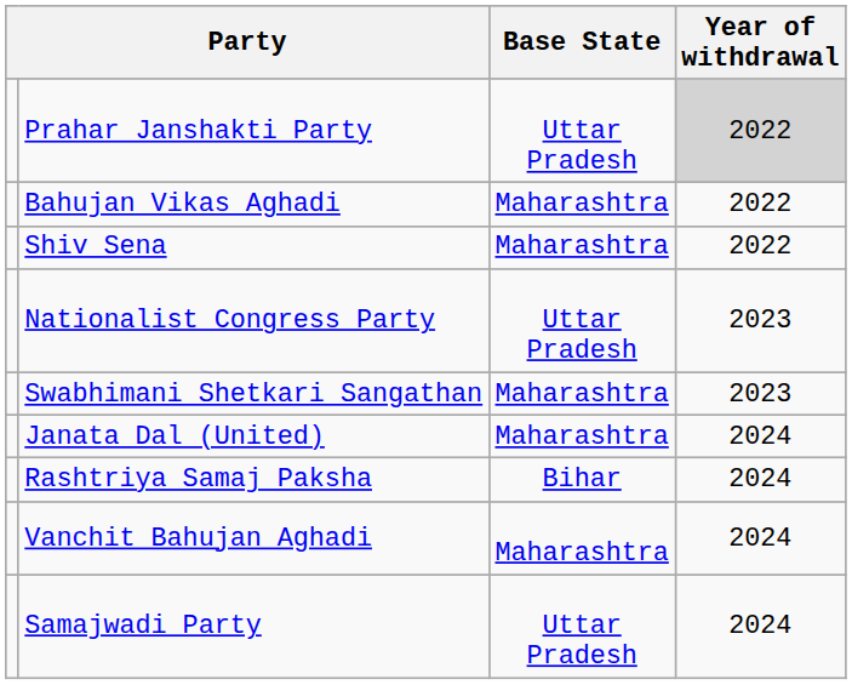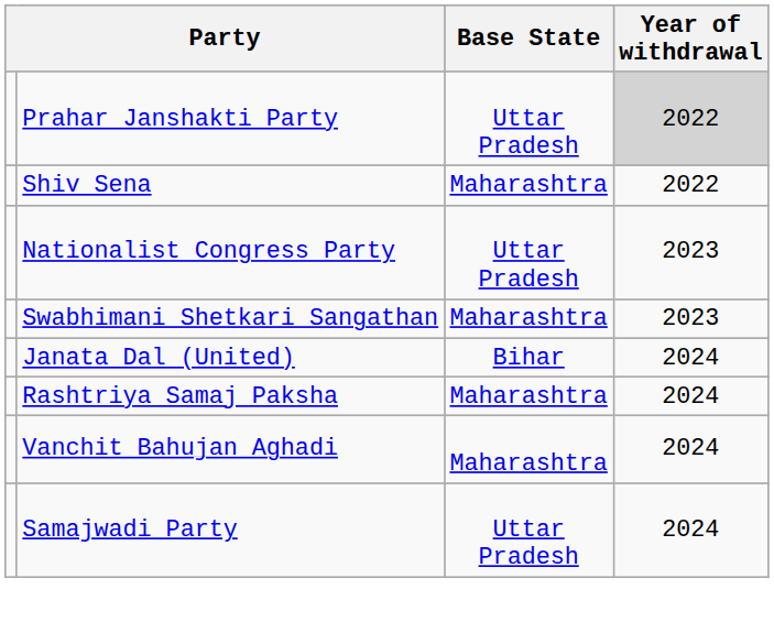 <table class="wikitable sortable">
 <tr>
 <th colspan="2" style="width:30px;">Party</th>
 <th style="width:80px;">Base State</th>
 <th style="width:60px;">Year of withdrawal</th>
 </tr>
 <tr>
 <td style="background-color:"></td>
 <td><a href='#'>Prahar Janshakti Party</a></td>
 <td style="text-align: center;"><br><a href='#'>Uttar Pradesh</a></td>
 <td style="background: lightgrey; text-align: center;">2022</td>
-</tr>
-<tr>
-<td style="background-color:"></td>
-<td><a href='#'>Bahujan Vikas Aghadi</a></td>
-<td style="text-align: center;"><a href='#'>Maharashtra</a></td>
-<td style="text-align: center;">2022</td>
 </tr>
 <tr>
 <td style="background-color:"></td>
 <td><a href='#'>Shiv Sena</a></td>
 <td style="text-align: center;"><a href='#'>Maharashtra</a></td>
 <td style="text-align: center;">2022</td>
 </tr>
 <tr>
 <td style="background-color:"></td>
 <td><a href='#'>Nationalist Congress Party</a></td>
 <td style="text-align: center;"><br><a href='#'>Uttar Pradesh</a></td>
 <td style="text-align: center;">2023</td>
 </tr>
 <tr>
 <td style="background-color:"></td>
 <td><a href='#'>Swabhimani Shetkari Sangathan</a></td>
 <td style="text-align: center;"><a href='#'>Maharashtra</a></td>
 <td style="text-align: center;">2023</td>
 </tr>
 <tr>
 <td style="background-color:"></td>
 <td><a href='#'>Janata Dal (United)</a></td>
-<td style="text-align: center;"><a href='#'>Maharashtra</a></td>
+<td style="text-align: center;"><a href='#'>Bihar</a></td>
 <td style="text-align: center;">2024</td>
 </tr>
 <tr>
 <td style="background-color:"></td>
 <td><a href='#'>Rashtriya Samaj Paksha</a></td>
-<td style="text-align: center;"><a href='#'>Bihar</a></td>
+<td style="text-align: center;"><a href='#'>Maharashtra</a></td>
 <td style="text-align: center;">2024</td>
 </tr>
 <tr>
 <td style="background-color:"></td>
 <td><a href='#'>Vanchit Bahujan Aghadi</a></td>
 <td style="text-align: center;"><br><a href='#'>Maharashtra</a></td>
 <td style="text-align: center;">2024</td>
 </tr>
 <tr>
 <td style="background-color:"></td>
 <td><a href='#'>Samajwadi Party</a></td>
 <td style="text-align: center;"><br><a href='#'>Uttar Pradesh</a></td>
 <td style="text-align: center;">2024</td>
 </tr>
 </table>
